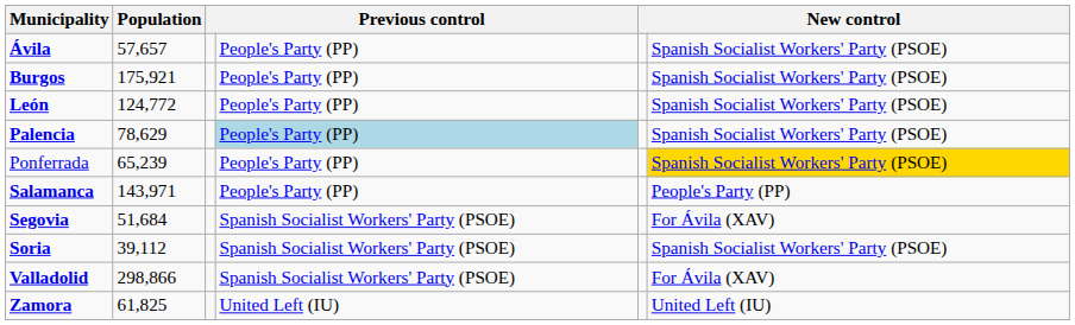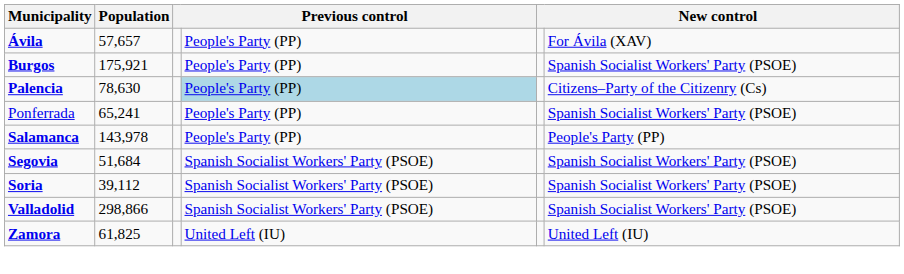 <table class="wikitable sortable">
 <tr>
 <th>Municipality</th>
 <th>Population</th>
 <th colspan="2" style="width:375px;">Previous control</th>
 <th colspan="2" style="width:375px;">New control</th>
 </tr>
 <tr>
 <td><strong><a href='#'>Ávila</a></strong></td>
 <td>57,657</td>
 <td width="1" style="color:inherit;background:"></td>
 <td><a href='#'>People's Party</a> (PP)</td>
 <td width="1" style="color:inherit;background:"></td>
-<td><a href='#'>Spanish Socialist Workers' Party</a> (PSOE)</td>
+<td><a href='#'>For Ávila</a> (XAV)</td>
 </tr>
 <tr>
 <td><strong><a href='#'>Burgos</a></strong></td>
 <td>175,921</td>
 <td style="color:inherit;background:"></td>
 <td><a href='#'>People's Party</a> (PP)</td>
 <td style="color:inherit;background:"></td>
 <td><a href='#'>Spanish Socialist Workers' Party</a> (PSOE)</td>
 </tr>
 <tr>
-<td><strong><a href='#'>León</a></strong></td>
-<td>124,772</td>
+<td><strong><a href='#'>Palencia</a></strong></td>
+<td>78,630</td>
+<td style="color:inherit;background:"></td>
+<td style="background: lightblue;"><a href='#'>People's Party</a> (PP)</td>
+<td style="color:inherit;background:"></td>
+<td><a href='#'>Citizens–Party of the Citizenry</a> (Cs)</td>
+</tr>
+<tr>
+<td><a href='#'>Ponferrada</a></td>
+<td>65,241</td>
 <td style="color:inherit;background:"></td>
 <td><a href='#'>People's Party</a> (PP)</td>
 <td style="color:inherit;background:"></td>
 <td><a href='#'>Spanish Socialist Workers' Party</a> (PSOE)</td>
 </tr>
 <tr>
-<td><strong><a href='#'>Palencia</a></strong></td>
-<td>78,629</td>
-<td style="color:inherit;background:"></td>
-<td style="background: lightblue;"><a href='#'>People's Party</a> (PP)</td>
-<td style="color:inherit;background:"></td>
-<td><a href='#'>Spanish Socialist Workers' Party</a> (PSOE)</td>
-</tr>
-<tr>
-<td><a href='#'>Ponferrada</a></td>
-<td>65,239</td>
-<td style="color:inherit;background:"></td>
-<td><a href='#'>People's Party</a> (PP)</td>
-<td style="color:inherit;background:"></td>
-<td style="background: gold;"><a href='#'>Spanish Socialist Workers' Party</a> (PSOE)</td>
-</tr>
-<tr>
 <td><strong><a href='#'>Salamanca</a></strong></td>
-<td>143,971</td>
+<td>143,978</td>
 <td style="color:inherit;background:"></td>
 <td><a href='#'>People's Party</a> (PP)</td>
 <td style="color:inherit;background:"></td>
 <td><a href='#'>People's Party</a> (PP)</td>
 </tr>
 <tr>
 <td><strong><a href='#'>Segovia</a></strong></td>
 <td>51,684</td>
 <td style="color:inherit;background:"></td>
 <td><a href='#'>Spanish Socialist Workers' Party</a> (PSOE)</td>
 <td style="color:inherit;background:"></td>
-<td><a href='#'>For Ávila</a> (XAV)</td>
+<td><a href='#'>Spanish Socialist Workers' Party</a> (PSOE)</td>
 </tr>
 <tr>
 <td><strong><a href='#'>Soria</a></strong></td>
 <td>39,112</td>
 <td style="color:inherit;background:"></td>
 <td><a href='#'>Spanish Socialist Workers' Party</a> (PSOE)</td>
 <td style="color:inherit;background:"></td>
 <td><a href='#'>Spanish Socialist Workers' Party</a> (PSOE)</td>
 </tr>
 <tr>
 <td><strong><a href='#'>Valladolid</a></strong></td>
 <td>298,866</td>
 <td style="color:inherit;background:"></td>
 <td><a href='#'>Spanish Socialist Workers' Party</a> (PSOE)</td>
 <td style="color:inherit;background:"></td>
-<td><a href='#'>For Ávila</a> (XAV)</td>
+<td><a href='#'>Spanish Socialist Workers' Party</a> (PSOE)</td>
 </tr>
 <tr>
 <td><strong><a href='#'>Zamora</a></strong></td>
 <td>61,825</td>
 <td style="color:inherit;background:"></td>
 <td><a href='#'>United Left</a> (IU)</td>
 <td style="color:inherit;background:"></td>
 <td><a href='#'>United Left</a> (IU)</td>
 </tr>
 </table>
